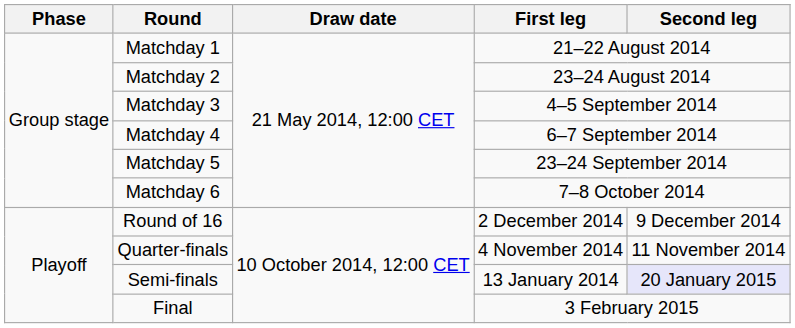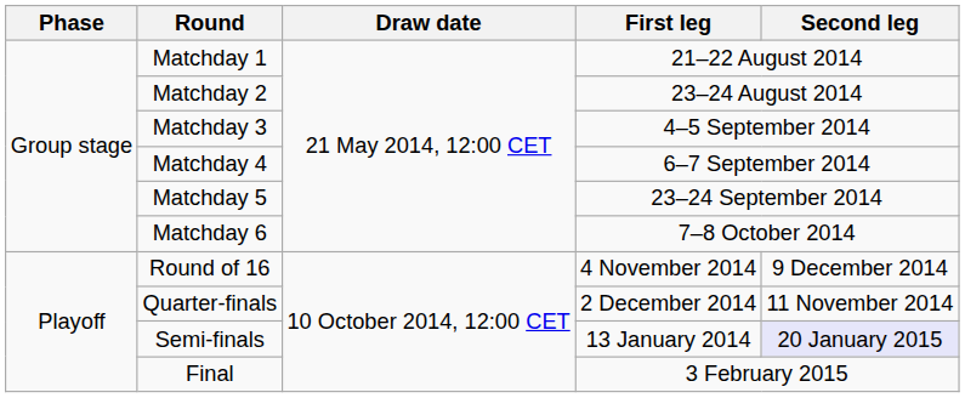 <table class="wikitable" style="text-align:center">
 <tr>
 <th>Phase</th>
 <th>Round</th>
 <th>Draw date</th>
 <th>First leg</th>
 <th>Second leg</th>
 </tr>
 <tr>
 <td rowspan=6>Group stage</td>
 <td>Matchday 1</td>
 <td rowspan=6>21 May 2014, 12:00 <a href='#'>CET</a></td>
 <td colspan=2>21–22 August 2014</td>
 </tr>
 <tr>
 <td>Matchday 2</td>
 <td colspan=2>23–24 August 2014</td>
 </tr>
 <tr>
 <td>Matchday 3</td>
 <td colspan=2>4–5 September 2014</td>
 </tr>
 <tr>
 <td>Matchday 4</td>
 <td colspan=2>6–7 September 2014</td>
 </tr>
 <tr>
 <td>Matchday 5</td>
 <td colspan=2>23–24 September 2014</td>
 </tr>
 <tr>
 <td>Matchday 6</td>
 <td colspan=2>7–8 October 2014</td>
 </tr>
 <tr>
 <td rowspan=4>Playoff</td>
 <td>Round of 16</td>
 <td rowspan=4>10 October 2014, 12:00 <a href='#'>CET</a></td>
-<td>2 December 2014</td>
+<td>4 November 2014</td>
 <td>9 December 2014</td>
 </tr>
 <tr>
 <td>Quarter-finals</td>
-<td>4 November 2014</td>
+<td>2 December 2014</td>
 <td>11 November 2014</td>
 </tr>
 <tr>
 <td>Semi-finals</td>
 <td>13 January 2014</td>
 <td style="background: lavender;">20 January 2015</td>
 </tr>
 <tr>
 <td>Final</td>
 <td colspan=2>3 February 2015</td>
 </tr>
 </table>
